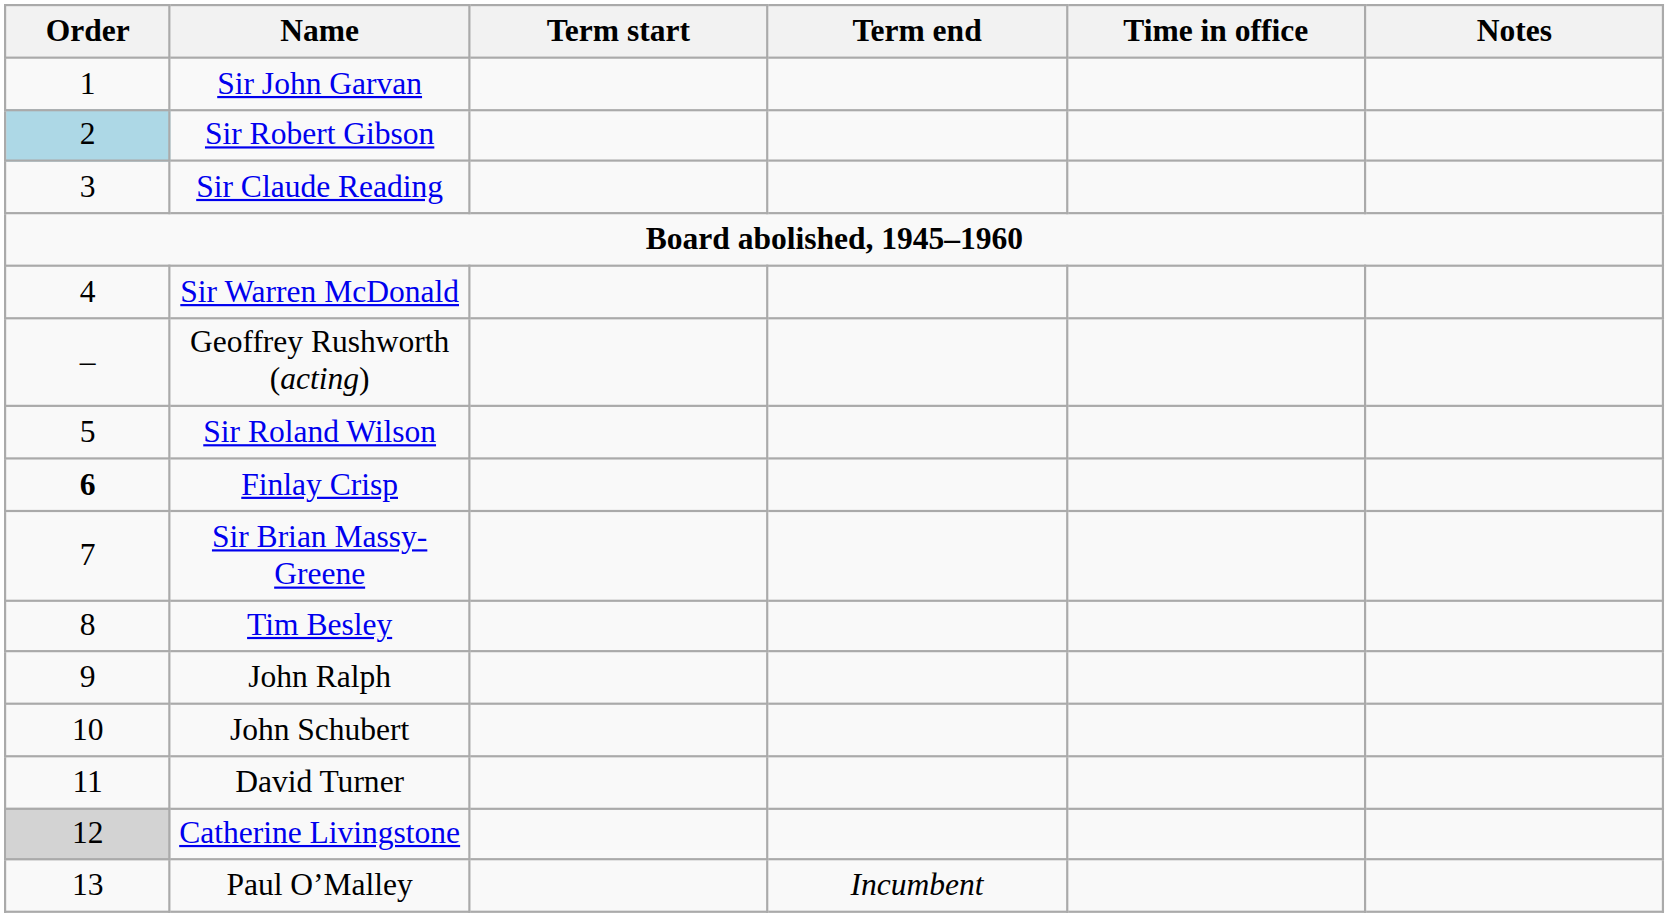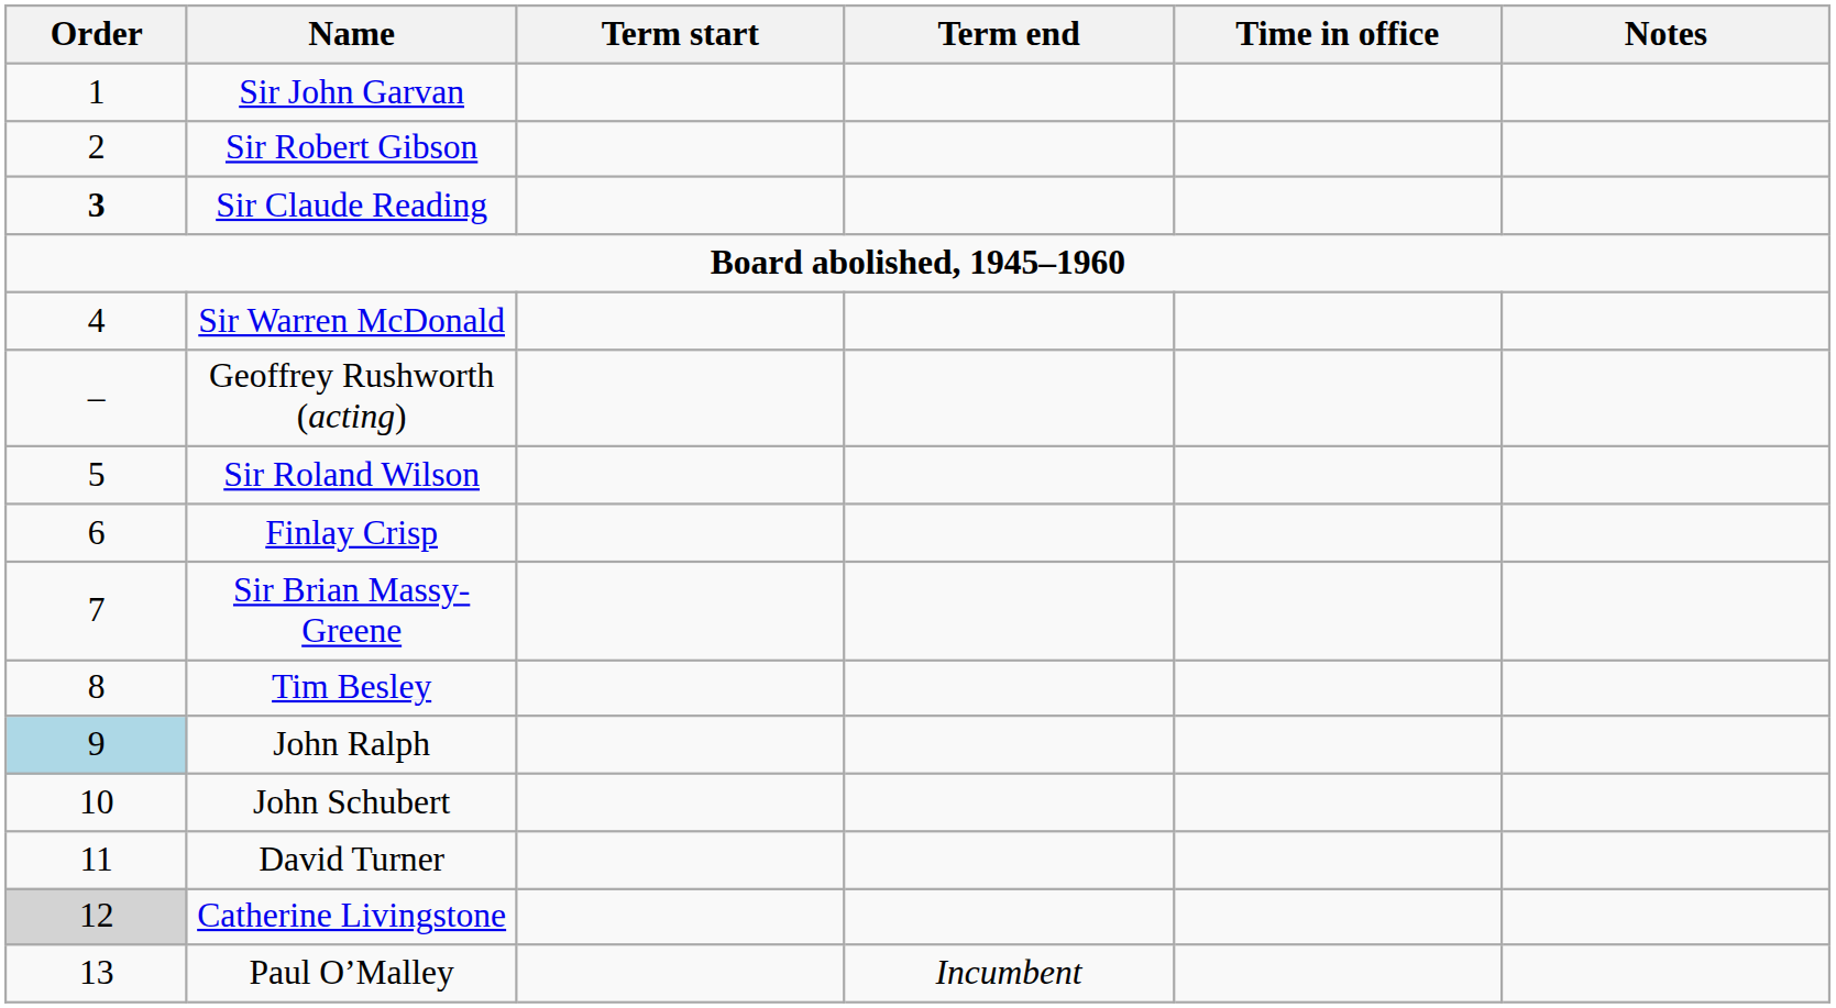 <table class="wikitable sortable" width="60%" style="text-align: center; font-size: 90%;">
 <tr>
 <th style="width: 5%" data-sort-type="number">Order</th>
 <th style="width: 10%" data-sort-type="text">Name</th>
 <th style="width: 10%" data-sort-type="number">Term start</th>
 <th style="width: 10%" data-sort-type="number">Term end</th>
 <th style="width: 10%" data-sort-type="number">Time in office</th>
 <th style="width: 10%" data-sort-type="number">Notes</th>
 </tr>
 <tr>
 <td>1</td>
 <td><a href='#'>Sir John Garvan</a></td>
 <td></td>
 <td></td>
 <td></td>
 <td></td>
 </tr>
 <tr>
-<td style="background: lightblue;">2</td>
+<td>2</td>
 <td><a href='#'>Sir Robert Gibson</a> </td>
 <td></td>
 <td></td>
 <td></td>
 <td></td>
 </tr>
 <tr>
-<td>3</td>
+<td><strong>3</strong></td>
 <td><a href='#'>Sir Claude Reading</a> </td>
 <td></td>
 <td></td>
 <td></td>
 <td></td>
 </tr>
 <tr>
 <td colspan=6><strong>Board abolished, 1945–1960</strong></td>
 </tr>
 <tr>
 <td>4</td>
 <td><a href='#'>Sir Warren McDonald</a> </td>
 <td></td>
 <td></td>
 <td></td>
 <td></td>
 </tr>
 <tr>
 <td>–</td>
 <td>Geoffrey Rushworth (<em>acting</em>)</td>
 <td></td>
 <td></td>
 <td></td>
 <td></td>
 </tr>
 <tr>
 <td>5</td>
 <td><a href='#'>Sir Roland Wilson</a></td>
 <td></td>
 <td></td>
 <td></td>
 <td></td>
 </tr>
 <tr>
-<td><strong>6</strong></td>
+<td>6</td>
 <td><a href='#'>Finlay Crisp</a></td>
 <td></td>
 <td></td>
 <td></td>
 <td></td>
 </tr>
 <tr>
 <td>7</td>
 <td><a href='#'>Sir Brian Massy-Greene</a></td>
 <td></td>
 <td></td>
 <td></td>
 <td></td>
 </tr>
 <tr>
 <td>8</td>
 <td><a href='#'>Tim Besley</a> </td>
 <td></td>
 <td></td>
 <td></td>
 <td></td>
 </tr>
 <tr>
-<td>9</td>
+<td style="background: lightblue;">9</td>
 <td>John Ralph </td>
 <td></td>
 <td></td>
 <td></td>
 <td></td>
 </tr>
 <tr>
 <td>10</td>
 <td>John Schubert </td>
 <td></td>
 <td></td>
 <td></td>
 <td></td>
 </tr>
 <tr>
 <td>11</td>
 <td>David Turner</td>
 <td></td>
 <td></td>
 <td></td>
 <td></td>
 </tr>
 <tr>
 <td style="background: lightgrey;">12</td>
 <td><a href='#'>Catherine Livingstone</a> </td>
 <td></td>
 <td></td>
 <td></td>
 <td></td>
 </tr>
 <tr>
 <td>13</td>
 <td>Paul O’Malley</td>
 <td></td>
 <td><em>Incumbent</em></td>
 <td></td>
 <td></td>
 </tr>
 </table>
